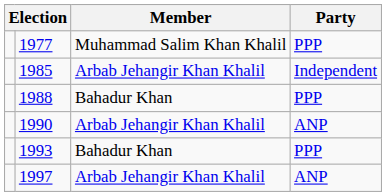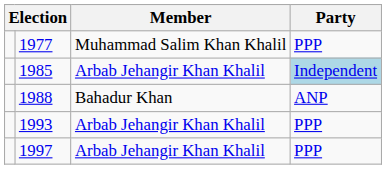 <table class="wikitable">
 <tr>
 <th colspan="2">Election</th>
 <th>Member</th>
 <th>Party</th>
 </tr>
 <tr>
 <td style="background-color: "></td>
 <td><a href='#'>1977</a></td>
 <td>Muhammad Salim Khan Khalil</td>
 <td><a href='#'>PPP</a></td>
 </tr>
 <tr>
 <td style="background-color: "></td>
 <td><a href='#'>1985</a></td>
 <td><a href='#'>Arbab Jehangir Khan Khalil</a></td>
-<td><a href='#'>Independent</a></td>
+<td style="background: lightblue;"><a href='#'>Independent</a></td>
 </tr>
 <tr>
 <td style="background-color: "></td>
 <td><a href='#'>1988</a></td>
 <td>Bahadur Khan</td>
-<td><a href='#'>PPP</a></td>
-</tr>
-<tr>
-<td style="background-color: "></td>
-<td><a href='#'>1990</a></td>
-<td><a href='#'>Arbab Jehangir Khan Khalil</a></td>
 <td><a href='#'>ANP</a></td>
 </tr>
 <tr>
 <td style="background-color: "></td>
 <td><a href='#'>1993</a></td>
-<td>Bahadur Khan</td>
+<td><a href='#'>Arbab Jehangir Khan Khalil</a></td>
 <td><a href='#'>PPP</a></td>
 </tr>
 <tr>
 <td style="background-color: "></td>
 <td><a href='#'>1997</a></td>
 <td><a href='#'>Arbab Jehangir Khan Khalil</a></td>
-<td><a href='#'>ANP</a></td>
+<td><a href='#'>PPP</a></td>
 </tr>
 </table>
